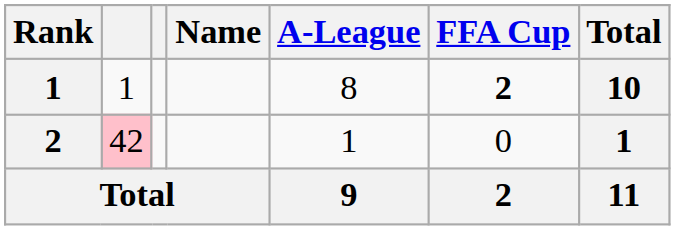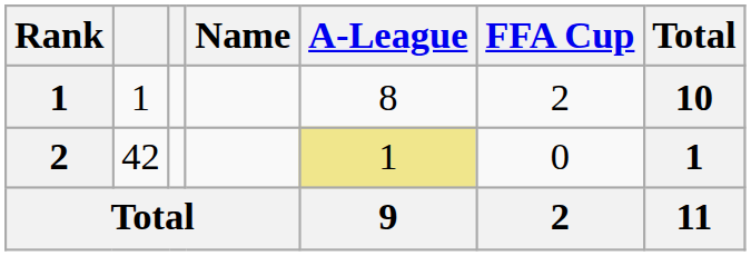 <table class="wikitable sortable" style="text-align:center">
 <tr>
 <th>Rank</th>
 <th></th>
 <th></th>
 <th>Name</th>
 <th><a href='#'>A-League</a></th>
 <th><a href='#'>FFA Cup</a></th>
 <th>Total</th>
 </tr>
 <tr>
 <th>1</th>
 <td>1</td>
 <td></td>
 <td align="left"></td>
 <td>8</td>
-<td><strong>2</strong></td>
+<td>2</td>
 <th>10</th>
 </tr>
 <tr>
 <th>2</th>
-<td style="background: pink;">42</td>
+<td>42</td>
 <td></td>
 <td align="left"></td>
-<td>1</td>
+<td style="background: khaki;">1</td>
 <td>0</td>
 <th>1</th>
 </tr>
 <tr>
 <th colspan="4">Total</th>
 <th>9</th>
 <th>2</th>
 <th>11</th>
 </tr>
 </table>
